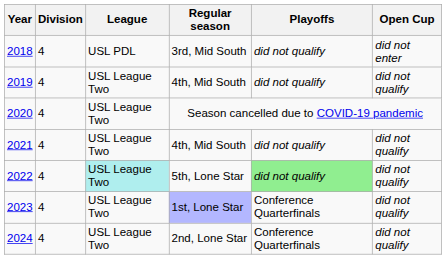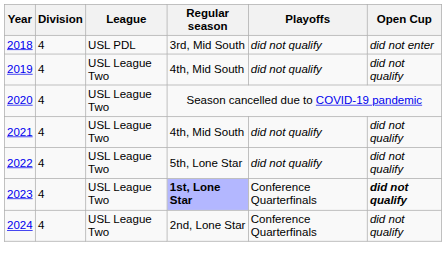 <table class="wikitable">
 <tr>
 <th>Year</th>
 <th>Division</th>
 <th>League</th>
 <th>Regular season</th>
 <th>Playoffs</th>
 <th>Open Cup</th>
 </tr>
 <tr>
 <td><a href='#'>2018</a></td>
 <td>4</td>
 <td>USL PDL</td>
 <td>3rd, Mid South</td>
 <td><em>did not qualify</em></td>
 <td><em>did not enter</em></td>
 </tr>
 <tr>
 <td><a href='#'>2019</a></td>
 <td>4</td>
 <td>USL League Two</td>
 <td>4th, Mid South</td>
 <td><em>did not qualify</em></td>
 <td><em>did not qualify</em></td>
 </tr>
 <tr>
 <td><a href='#'>2020</a></td>
 <td>4</td>
 <td>USL League Two</td>
 <td colspan=3 style=text-align:center>Season cancelled due to <a href='#'>COVID-19 pandemic</a></td>
 </tr>
 <tr>
 <td><a href='#'>2021</a></td>
 <td>4</td>
 <td>USL League Two</td>
 <td>4th, Mid South</td>
 <td><em>did not qualify</em></td>
 <td><em>did not qualify</em></td>
 </tr>
 <tr>
 <td><a href='#'>2022</a></td>
 <td>4</td>
-<td style="background: paleturquoise;">USL League Two</td>
+<td>USL League Two</td>
 <td>5th, Lone Star</td>
-<td style="background: lightgreen;"><em>did not qualify</em></td>
+<td><em>did not qualify</em></td>
 <td><em>did not qualify</em></td>
 </tr>
 <tr>
 <td><a href='#'>2023</a></td>
 <td>4</td>
 <td>USL League Two</td>
-<td bgcolor="B3B7FF">1st, Lone Star</td>
+<td bgcolor="B3B7FF"><strong>1st, Lone Star</strong></td>
 <td>Conference Quarterfinals</td>
-<td><em>did not qualify</em></td>
+<td><strong><em>did not qualify</em></strong></td>
 </tr>
 <tr>
 <td><a href='#'>2024</a></td>
 <td>4</td>
 <td>USL League Two</td>
 <td>2nd, Lone Star</td>
 <td>Conference Quarterfinals</td>
 <td><em>did not qualify</em></td>
 </tr>
 </table>
